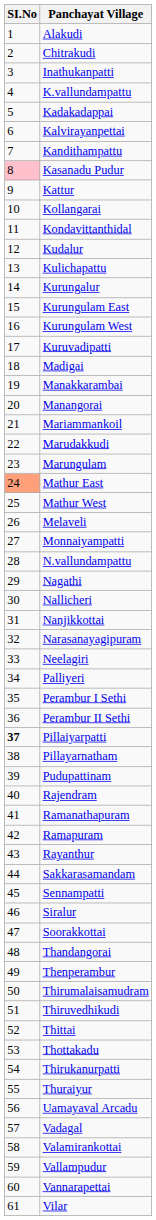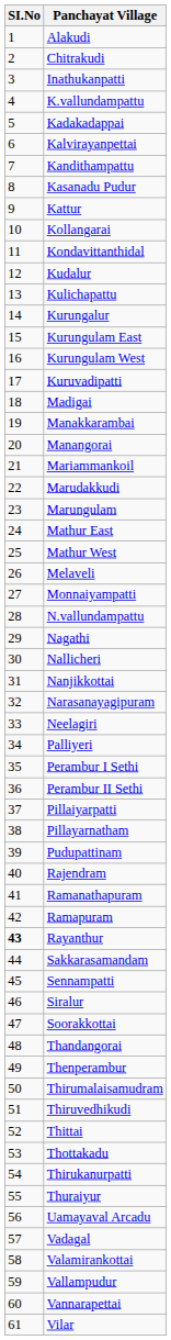 <table class="wikitable sortable">
 <tr>
 <th>SI.No</th>
 <th>Panchayat Village</th>
 </tr>
 <tr>
 <td>1</td>
 <td><a href='#'>Alakudi</a></td>
 </tr>
 <tr>
 <td>2</td>
 <td><a href='#'>Chitrakudi</a></td>
 </tr>
 <tr>
 <td>3</td>
 <td><a href='#'>Inathukanpatti</a></td>
 </tr>
 <tr>
 <td>4</td>
 <td><a href='#'>K.vallundampattu</a></td>
 </tr>
 <tr>
 <td>5</td>
 <td><a href='#'>Kadakadappai</a></td>
 </tr>
 <tr>
 <td>6</td>
 <td><a href='#'>Kalvirayanpettai</a></td>
 </tr>
 <tr>
 <td>7</td>
 <td><a href='#'>Kandithampattu</a></td>
 </tr>
 <tr>
-<td style="background: pink;">8</td>
+<td>8</td>
 <td><a href='#'>Kasanadu Pudur</a></td>
 </tr>
 <tr>
 <td>9</td>
 <td><a href='#'>Kattur</a></td>
 </tr>
 <tr>
 <td>10</td>
 <td><a href='#'>Kollangarai</a></td>
 </tr>
 <tr>
 <td>11</td>
 <td><a href='#'>Kondavittanthidal</a></td>
 </tr>
 <tr>
 <td>12</td>
 <td><a href='#'>Kudalur</a></td>
 </tr>
 <tr>
 <td>13</td>
 <td><a href='#'>Kulichapattu</a></td>
 </tr>
 <tr>
 <td>14</td>
 <td><a href='#'>Kurungalur</a></td>
 </tr>
 <tr>
 <td>15</td>
 <td><a href='#'>Kurungulam East</a></td>
 </tr>
 <tr>
 <td>16</td>
 <td><a href='#'>Kurungulam West</a></td>
 </tr>
 <tr>
 <td>17</td>
 <td><a href='#'>Kuruvadipatti</a></td>
 </tr>
 <tr>
 <td>18</td>
 <td><a href='#'>Madigai</a></td>
 </tr>
 <tr>
 <td>19</td>
 <td><a href='#'>Manakkarambai</a></td>
 </tr>
 <tr>
 <td>20</td>
 <td><a href='#'>Manangorai</a></td>
 </tr>
 <tr>
 <td>21</td>
 <td><a href='#'>Mariammankoil</a></td>
 </tr>
 <tr>
 <td>22</td>
 <td><a href='#'>Marudakkudi</a></td>
 </tr>
 <tr>
 <td>23</td>
 <td><a href='#'>Marungulam</a></td>
 </tr>
 <tr>
-<td style="background: lightsalmon;">24</td>
+<td>24</td>
 <td><a href='#'>Mathur East</a></td>
 </tr>
 <tr>
 <td>25</td>
 <td><a href='#'>Mathur West</a></td>
 </tr>
 <tr>
 <td>26</td>
 <td><a href='#'>Melaveli</a></td>
 </tr>
 <tr>
 <td>27</td>
 <td><a href='#'>Monnaiyampatti</a></td>
 </tr>
 <tr>
 <td>28</td>
 <td><a href='#'>N.vallundampattu</a></td>
 </tr>
 <tr>
 <td>29</td>
 <td><a href='#'>Nagathi</a></td>
 </tr>
 <tr>
 <td>30</td>
 <td><a href='#'>Nallicheri</a></td>
 </tr>
 <tr>
 <td>31</td>
 <td><a href='#'>Nanjikkottai</a></td>
 </tr>
 <tr>
 <td>32</td>
 <td><a href='#'>Narasanayagipuram</a></td>
 </tr>
 <tr>
 <td>33</td>
 <td><a href='#'>Neelagiri</a></td>
 </tr>
 <tr>
 <td>34</td>
 <td><a href='#'>Palliyeri</a></td>
 </tr>
 <tr>
 <td>35</td>
 <td><a href='#'>Perambur I Sethi</a></td>
 </tr>
 <tr>
 <td>36</td>
 <td><a href='#'>Perambur II Sethi</a></td>
 </tr>
 <tr>
-<td><strong>37</strong></td>
+<td>37</td>
 <td><a href='#'>Pillaiyarpatti</a></td>
 </tr>
 <tr>
 <td>38</td>
 <td><a href='#'>Pillayarnatham</a></td>
 </tr>
 <tr>
 <td>39</td>
 <td><a href='#'>Pudupattinam</a></td>
 </tr>
 <tr>
 <td>40</td>
 <td><a href='#'>Rajendram</a></td>
 </tr>
 <tr>
 <td>41</td>
 <td><a href='#'>Ramanathapuram</a></td>
 </tr>
 <tr>
 <td>42</td>
 <td><a href='#'>Ramapuram</a></td>
 </tr>
 <tr>
-<td>43</td>
+<td><strong>43</strong></td>
 <td><a href='#'>Rayanthur</a></td>
 </tr>
 <tr>
 <td>44</td>
 <td><a href='#'>Sakkarasamandam</a></td>
 </tr>
 <tr>
 <td>45</td>
 <td><a href='#'>Sennampatti</a></td>
 </tr>
 <tr>
 <td>46</td>
 <td><a href='#'>Siralur</a></td>
 </tr>
 <tr>
 <td>47</td>
 <td><a href='#'>Soorakkottai</a></td>
 </tr>
 <tr>
 <td>48</td>
 <td><a href='#'>Thandangorai</a></td>
 </tr>
 <tr>
 <td>49</td>
 <td><a href='#'>Thenperambur</a></td>
 </tr>
 <tr>
 <td>50</td>
 <td><a href='#'>Thirumalaisamudram</a></td>
 </tr>
 <tr>
 <td>51</td>
 <td><a href='#'>Thiruvedhikudi</a></td>
 </tr>
 <tr>
 <td>52</td>
 <td><a href='#'>Thittai</a></td>
 </tr>
 <tr>
 <td>53</td>
 <td><a href='#'>Thottakadu</a></td>
 </tr>
 <tr>
 <td>54</td>
 <td><a href='#'>Thirukanurpatti</a></td>
 </tr>
 <tr>
 <td>55</td>
 <td><a href='#'>Thuraiyur</a></td>
 </tr>
 <tr>
 <td>56</td>
 <td><a href='#'>Uamayaval Arcadu</a></td>
 </tr>
 <tr>
 <td>57</td>
 <td><a href='#'>Vadagal</a></td>
 </tr>
 <tr>
 <td>58</td>
 <td><a href='#'>Valamirankottai</a></td>
 </tr>
 <tr>
 <td>59</td>
 <td><a href='#'>Vallampudur</a></td>
 </tr>
 <tr>
 <td>60</td>
 <td><a href='#'>Vannarapettai</a></td>
 </tr>
 <tr>
 <td>61</td>
 <td><a href='#'>Vilar</a></td>
 </tr>
 </table>
